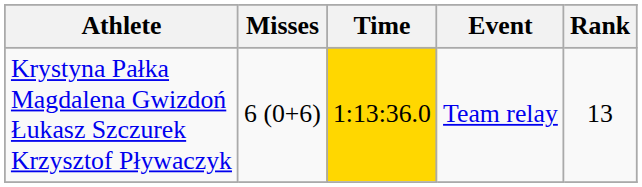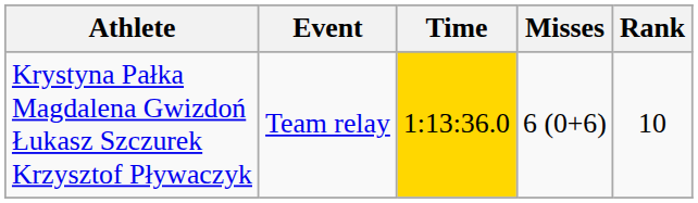 <table class="wikitable" style="font-size:90%">
 <tr>
 <th>Athlete</th>
+<th>Event</th>
+<th>Time</th>
 <th>Misses</th>
-<th>Time</th>
-<th>Event</th>
 <th>Rank</th>
 </tr>
 <tr align=center>
 <td align=left><a href='#'>Krystyna Pałka</a><br><a href='#'>Magdalena Gwizdoń</a><br><a href='#'>Łukasz Szczurek</a><br><a href='#'>Krzysztof Pływaczyk</a></td>
+<td align=left><a href='#'>Team relay</a></td>
+<td style="background: gold;">1:13:36.0</td>
 <td>6 (0+6)</td>
-<td style="background: gold;">1:13:36.0</td>
-<td align=left><a href='#'>Team relay</a></td>
-<td>13</td>
+<td>10</td>
 </tr>
 </table>
